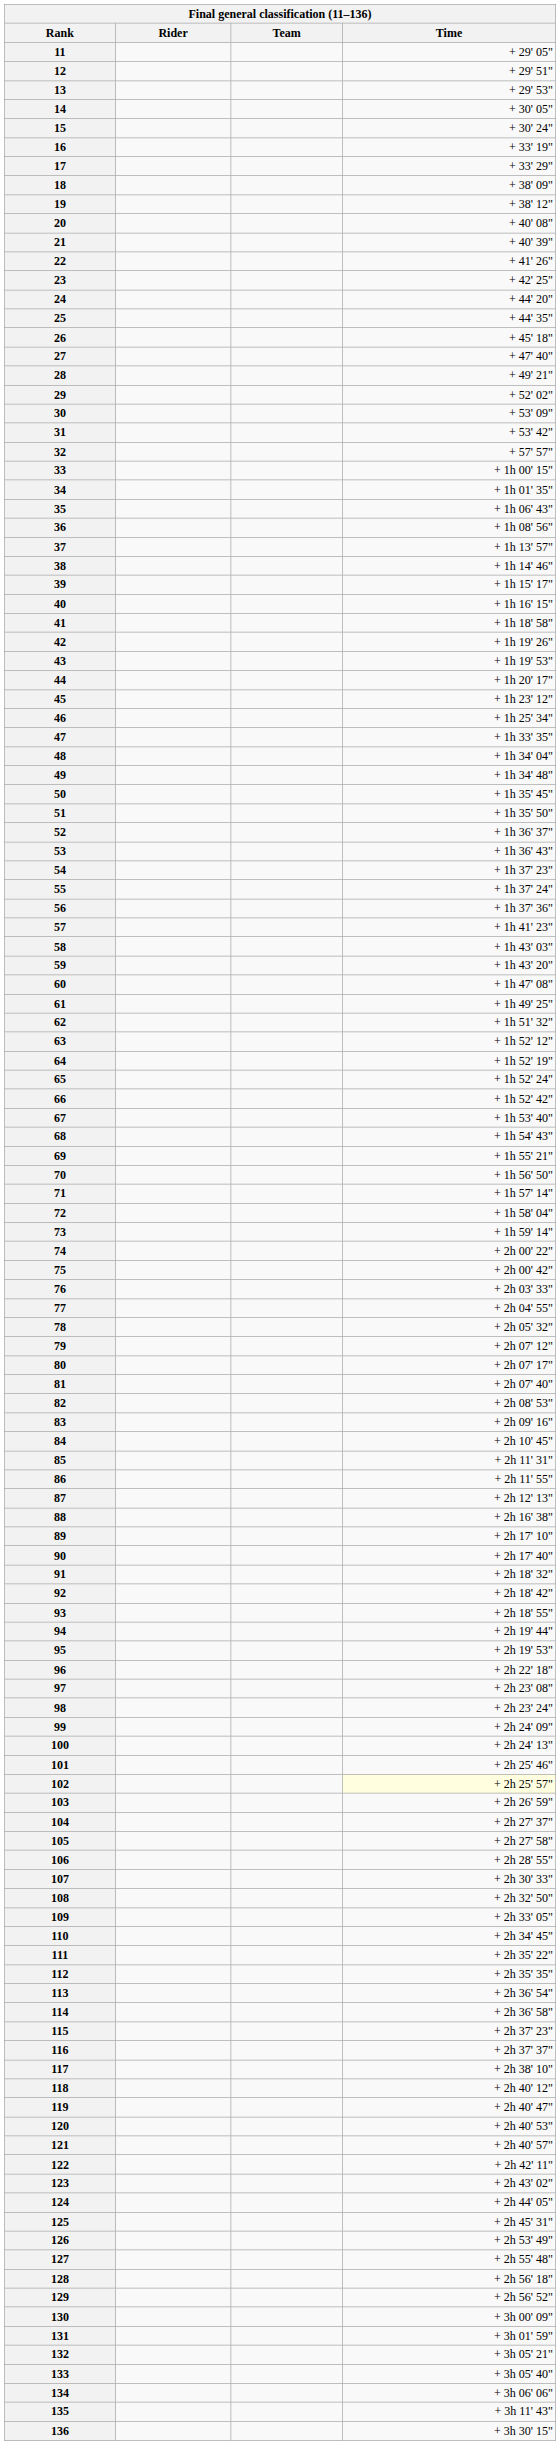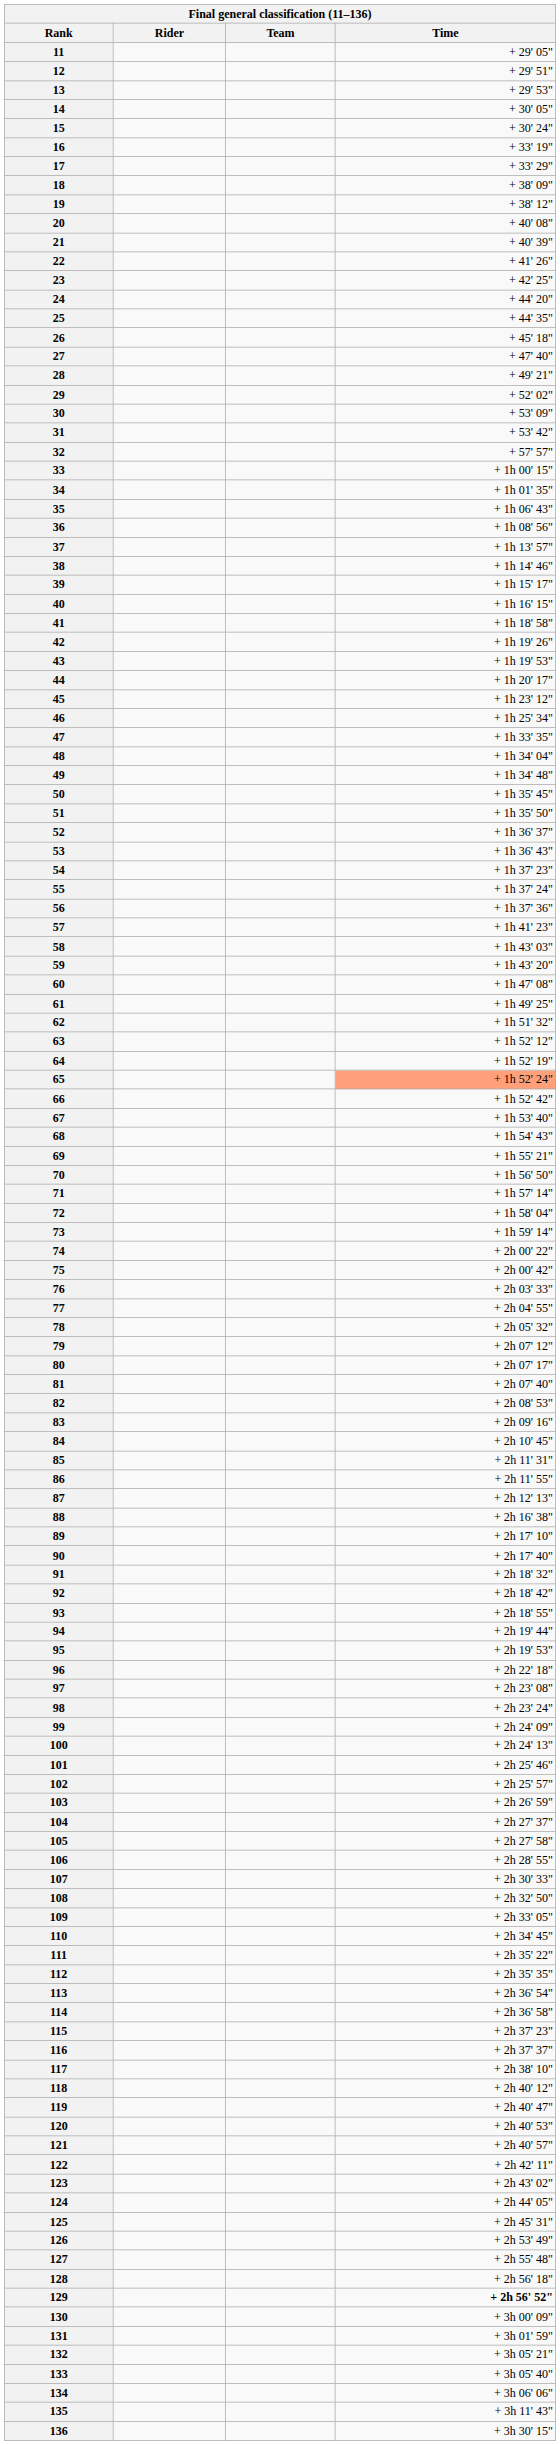 <table class="collapsible collapsed wikitable" style="width:46em;margin-top:-1px;">
 <tr>
 <th scope="col" colspan="4">Final general classification (11–136)</th>
 </tr>
 <tr>
 <th scope="col">Rank</th>
 <th scope="col">Rider</th>
 <th scope="col">Team</th>
 <th scope="col">Time</th>
 </tr>
 <tr |->
 <th scope="row">11</th>
 <td></td>
 <td></td>
 <td style="text-align:right;">+ 29' 05"</td>
 </tr>
 <tr>
 <th scope="row">12</th>
 <td></td>
 <td></td>
 <td style="text-align:right;">+ 29' 51"</td>
 </tr>
 <tr>
 <th scope="row">13</th>
 <td></td>
 <td></td>
 <td style="text-align:right;">+ 29' 53"</td>
 </tr>
 <tr>
 <th scope="row">14</th>
 <td></td>
 <td></td>
 <td style="text-align:right;">+ 30' 05"</td>
 </tr>
 <tr>
 <th scope="row">15</th>
 <td></td>
 <td></td>
 <td style="text-align:right;">+ 30' 24"</td>
 </tr>
 <tr>
 <th scope="row">16</th>
 <td></td>
 <td></td>
 <td style="text-align:right;">+ 33' 19"</td>
 </tr>
 <tr>
 <th scope="row">17</th>
 <td></td>
 <td></td>
 <td style="text-align:right;">+ 33' 29"</td>
 </tr>
 <tr>
 <th scope="row">18</th>
 <td></td>
 <td></td>
 <td style="text-align:right;">+ 38' 09"</td>
 </tr>
 <tr>
 <th scope="row">19</th>
 <td></td>
 <td></td>
 <td style="text-align:right;">+ 38' 12"</td>
 </tr>
 <tr>
 <th scope="row">20</th>
 <td></td>
 <td></td>
 <td style="text-align:right;">+ 40' 08"</td>
 </tr>
 <tr>
 <th scope="row">21</th>
 <td></td>
 <td></td>
 <td style="text-align:right;">+ 40' 39"</td>
 </tr>
 <tr>
 <th scope="row">22</th>
 <td></td>
 <td></td>
 <td style="text-align:right;">+ 41' 26"</td>
 </tr>
 <tr>
 <th scope="row">23</th>
 <td></td>
 <td></td>
 <td style="text-align:right;">+ 42' 25"</td>
 </tr>
 <tr>
 <th scope="row">24</th>
 <td></td>
 <td></td>
 <td style="text-align:right;">+ 44' 20"</td>
 </tr>
 <tr>
 <th scope="row">25</th>
 <td></td>
 <td></td>
 <td style="text-align:right;">+ 44' 35"</td>
 </tr>
 <tr>
 <th scope="row">26</th>
 <td></td>
 <td></td>
 <td style="text-align:right;">+ 45' 18"</td>
 </tr>
 <tr>
 <th scope="row">27</th>
 <td></td>
 <td></td>
 <td style="text-align:right;">+ 47' 40"</td>
 </tr>
 <tr>
 <th scope="row">28</th>
 <td></td>
 <td></td>
 <td style="text-align:right;">+ 49' 21"</td>
 </tr>
 <tr>
 <th scope="row">29</th>
 <td></td>
 <td></td>
 <td style="text-align:right;">+ 52' 02"</td>
 </tr>
 <tr>
 <th scope="row">30</th>
 <td></td>
 <td></td>
 <td style="text-align:right;">+ 53' 09"</td>
 </tr>
 <tr>
 <th scope="row">31</th>
 <td></td>
 <td></td>
 <td style="text-align:right;">+ 53' 42"</td>
 </tr>
 <tr>
 <th scope="row">32</th>
 <td></td>
 <td></td>
 <td style="text-align:right;">+ 57' 57"</td>
 </tr>
 <tr>
 <th scope="row">33</th>
 <td></td>
 <td></td>
 <td style="text-align:right;">+ 1h 00' 15"</td>
 </tr>
 <tr>
 <th scope="row">34</th>
 <td></td>
 <td></td>
 <td style="text-align:right;">+ 1h 01' 35"</td>
 </tr>
 <tr>
 <th scope="row">35</th>
 <td></td>
 <td></td>
 <td style="text-align:right;">+ 1h 06' 43"</td>
 </tr>
 <tr>
 <th scope="row">36</th>
 <td></td>
 <td></td>
 <td style="text-align:right;">+ 1h 08' 56"</td>
 </tr>
 <tr>
 <th scope="row">37</th>
 <td></td>
 <td></td>
 <td style="text-align:right;">+ 1h 13' 57"</td>
 </tr>
 <tr>
 <th scope="row">38</th>
 <td></td>
 <td></td>
 <td style="text-align:right;">+ 1h 14' 46"</td>
 </tr>
 <tr>
 <th scope="row">39</th>
 <td></td>
 <td></td>
 <td style="text-align:right;">+ 1h 15' 17"</td>
 </tr>
 <tr>
 <th scope="row">40</th>
 <td></td>
 <td></td>
 <td style="text-align:right;">+ 1h 16' 15"</td>
 </tr>
 <tr>
 <th scope="row">41</th>
 <td></td>
 <td></td>
 <td style="text-align:right;">+ 1h 18' 58"</td>
 </tr>
 <tr>
 <th scope="row">42</th>
 <td></td>
 <td></td>
 <td style="text-align:right;">+ 1h 19' 26"</td>
 </tr>
 <tr>
 <th scope="row">43</th>
 <td></td>
 <td></td>
 <td style="text-align:right;">+ 1h 19' 53"</td>
 </tr>
 <tr>
 <th scope="row">44</th>
 <td></td>
 <td></td>
 <td style="text-align:right;">+ 1h 20' 17"</td>
 </tr>
 <tr>
 <th scope="row">45</th>
 <td></td>
 <td></td>
 <td style="text-align:right;">+ 1h 23' 12"</td>
 </tr>
 <tr>
 <th scope="row">46</th>
 <td></td>
 <td></td>
 <td style="text-align:right;">+ 1h 25' 34"</td>
 </tr>
 <tr>
 <th scope="row">47</th>
 <td></td>
 <td></td>
 <td style="text-align:right;">+ 1h 33' 35"</td>
 </tr>
 <tr>
 <th scope="row">48</th>
 <td></td>
 <td></td>
 <td style="text-align:right;">+ 1h 34' 04"</td>
 </tr>
 <tr>
 <th scope="row">49</th>
 <td></td>
 <td></td>
 <td style="text-align:right;">+ 1h 34' 48"</td>
 </tr>
 <tr>
 <th scope="row">50</th>
 <td></td>
 <td></td>
 <td style="text-align:right;">+ 1h 35' 45"</td>
 </tr>
 <tr>
 <th scope="row">51</th>
 <td></td>
 <td></td>
 <td style="text-align:right;">+ 1h 35' 50"</td>
 </tr>
 <tr>
 <th scope="row">52</th>
 <td></td>
 <td></td>
 <td style="text-align:right;">+ 1h 36' 37"</td>
 </tr>
 <tr>
 <th scope="row">53</th>
 <td></td>
 <td></td>
 <td style="text-align:right;">+ 1h 36' 43"</td>
 </tr>
 <tr>
 <th scope="row">54</th>
 <td></td>
 <td></td>
 <td style="text-align:right;">+ 1h 37' 23"</td>
 </tr>
 <tr>
 <th scope="row">55</th>
 <td></td>
 <td></td>
 <td style="text-align:right;">+ 1h 37' 24"</td>
 </tr>
 <tr>
 <th scope="row">56</th>
 <td></td>
 <td></td>
 <td style="text-align:right;">+ 1h 37' 36"</td>
 </tr>
 <tr>
 <th scope="row">57</th>
 <td></td>
 <td></td>
 <td style="text-align:right;">+ 1h 41' 23"</td>
 </tr>
 <tr>
 <th scope="row">58</th>
 <td></td>
 <td></td>
 <td style="text-align:right;">+ 1h 43' 03"</td>
 </tr>
 <tr>
 <th scope="row">59</th>
 <td></td>
 <td></td>
 <td style="text-align:right;">+ 1h 43' 20"</td>
 </tr>
 <tr>
 <th scope="row">60</th>
 <td></td>
 <td></td>
 <td style="text-align:right;">+ 1h 47' 08"</td>
 </tr>
 <tr>
 <th scope="row">61</th>
 <td></td>
 <td></td>
 <td style="text-align:right;">+ 1h 49' 25"</td>
 </tr>
 <tr>
 <th scope="row">62</th>
 <td></td>
 <td></td>
 <td style="text-align:right;">+ 1h 51' 32"</td>
 </tr>
 <tr>
 <th scope="row">63</th>
 <td></td>
 <td></td>
 <td style="text-align:right;">+ 1h 52' 12"</td>
 </tr>
 <tr>
 <th scope="row">64</th>
 <td></td>
 <td></td>
 <td style="text-align:right;">+ 1h 52' 19"</td>
 </tr>
 <tr>
 <th scope="row">65</th>
 <td></td>
 <td></td>
-<td style="text-align:right;">+ 1h 52' 24"</td>
+<td style="background: lightsalmon; text-align:right;">+ 1h 52' 24"</td>
 </tr>
 <tr>
 <th scope="row">66</th>
 <td></td>
 <td></td>
 <td style="text-align:right;">+ 1h 52' 42"</td>
 </tr>
 <tr>
 <th scope="row">67</th>
 <td></td>
 <td></td>
 <td style="text-align:right;">+ 1h 53' 40"</td>
 </tr>
 <tr>
 <th scope="row">68</th>
 <td></td>
 <td></td>
 <td style="text-align:right;">+ 1h 54' 43"</td>
 </tr>
 <tr>
 <th scope="row">69</th>
 <td></td>
 <td></td>
 <td style="text-align:right;">+ 1h 55' 21"</td>
 </tr>
 <tr>
 <th scope="row">70</th>
 <td></td>
 <td></td>
 <td style="text-align:right;">+ 1h 56' 50"</td>
 </tr>
 <tr>
 <th scope="row">71</th>
 <td></td>
 <td></td>
 <td style="text-align:right;">+ 1h 57' 14"</td>
 </tr>
 <tr>
 <th scope="row">72</th>
 <td></td>
 <td></td>
 <td style="text-align:right;">+ 1h 58' 04"</td>
 </tr>
 <tr>
 <th scope="row">73</th>
 <td></td>
 <td></td>
 <td style="text-align:right;">+ 1h 59' 14"</td>
 </tr>
 <tr>
 <th scope="row">74</th>
 <td></td>
 <td></td>
 <td style="text-align:right;">+ 2h 00' 22"</td>
 </tr>
 <tr>
 <th scope="row">75</th>
 <td></td>
 <td></td>
 <td style="text-align:right;">+ 2h 00' 42"</td>
 </tr>
 <tr>
 <th scope="row">76</th>
 <td> </td>
 <td></td>
 <td style="text-align:right;">+ 2h 03' 33"</td>
 </tr>
 <tr>
 <th scope="row">77</th>
 <td></td>
 <td></td>
 <td style="text-align:right;">+ 2h 04' 55"</td>
 </tr>
 <tr>
 <th scope="row">78</th>
 <td></td>
 <td></td>
 <td style="text-align:right;">+ 2h 05' 32"</td>
 </tr>
 <tr>
 <th scope="row">79</th>
 <td></td>
 <td></td>
 <td style="text-align:right;">+ 2h 07' 12"</td>
 </tr>
 <tr>
 <th scope="row">80</th>
 <td></td>
 <td></td>
 <td style="text-align:right;">+ 2h 07' 17"</td>
 </tr>
 <tr>
 <th scope="row">81</th>
 <td></td>
 <td></td>
 <td style="text-align:right;">+ 2h 07' 40"</td>
 </tr>
 <tr>
 <th scope="row">82</th>
 <td></td>
 <td></td>
 <td style="text-align:right;">+ 2h 08' 53"</td>
 </tr>
 <tr>
 <th scope="row">83</th>
 <td></td>
 <td></td>
 <td style="text-align:right;">+ 2h 09' 16"</td>
 </tr>
 <tr>
 <th scope="row">84</th>
 <td></td>
 <td></td>
 <td style="text-align:right;">+ 2h 10' 45"</td>
 </tr>
 <tr>
 <th scope="row">85</th>
 <td></td>
 <td></td>
 <td style="text-align:right;">+ 2h 11' 31"</td>
 </tr>
 <tr>
 <th scope="row">86</th>
 <td></td>
 <td></td>
 <td style="text-align:right;">+ 2h 11' 55"</td>
 </tr>
 <tr>
 <th scope="row">87</th>
 <td></td>
 <td></td>
 <td style="text-align:right;">+ 2h 12' 13"</td>
 </tr>
 <tr>
 <th scope="row">88</th>
 <td></td>
 <td></td>
 <td style="text-align:right;">+ 2h 16' 38"</td>
 </tr>
 <tr>
 <th scope="row">89</th>
 <td></td>
 <td></td>
 <td style="text-align:right;">+ 2h 17' 10"</td>
 </tr>
 <tr>
 <th scope="row">90</th>
 <td></td>
 <td></td>
 <td style="text-align:right;">+ 2h 17' 40"</td>
 </tr>
 <tr>
 <th scope="row">91</th>
 <td></td>
 <td></td>
 <td style="text-align:right;">+ 2h 18' 32"</td>
 </tr>
 <tr>
 <th scope="row">92</th>
 <td></td>
 <td></td>
 <td style="text-align:right;">+ 2h 18' 42"</td>
 </tr>
 <tr>
 <th scope="row">93</th>
 <td></td>
 <td></td>
 <td style="text-align:right;">+ 2h 18' 55"</td>
 </tr>
 <tr>
 <th scope="row">94</th>
 <td></td>
 <td></td>
 <td style="text-align:right;">+ 2h 19' 44"</td>
 </tr>
 <tr>
 <th scope="row">95</th>
 <td></td>
 <td></td>
 <td style="text-align:right;">+ 2h 19' 53"</td>
 </tr>
 <tr>
 <th scope="row">96</th>
 <td></td>
 <td></td>
 <td style="text-align:right;">+ 2h 22' 18"</td>
 </tr>
 <tr>
 <th scope="row">97</th>
 <td></td>
 <td></td>
 <td style="text-align:right;">+ 2h 23' 08"</td>
 </tr>
 <tr>
 <th scope="row">98</th>
 <td></td>
 <td></td>
 <td style="text-align:right;">+ 2h 23' 24"</td>
 </tr>
 <tr>
 <th scope="row">99</th>
 <td></td>
 <td></td>
 <td style="text-align:right;">+ 2h 24' 09"</td>
 </tr>
 <tr>
 <th scope="row">100</th>
 <td></td>
 <td></td>
 <td style="text-align:right;">+ 2h 24' 13"</td>
 </tr>
 <tr>
 <th scope="row">101</th>
 <td></td>
 <td></td>
 <td style="text-align:right;">+ 2h 25' 46"</td>
 </tr>
 <tr>
 <th scope="row">102</th>
 <td></td>
 <td></td>
-<td style="background: lightyellow; text-align:right;">+ 2h 25' 57"</td>
+<td style="text-align:right;">+ 2h 25' 57"</td>
 </tr>
 <tr>
 <th scope="row">103</th>
 <td></td>
 <td></td>
 <td style="text-align:right;">+ 2h 26' 59"</td>
 </tr>
 <tr>
 <th scope="row">104</th>
 <td></td>
 <td></td>
 <td style="text-align:right;">+ 2h 27' 37"</td>
 </tr>
 <tr>
 <th scope="row">105</th>
 <td></td>
 <td></td>
 <td style="text-align:right;">+ 2h 27' 58"</td>
 </tr>
 <tr>
 <th scope="row">106</th>
 <td></td>
 <td></td>
 <td style="text-align:right;">+ 2h 28' 55"</td>
 </tr>
 <tr>
 <th scope="row">107</th>
 <td></td>
 <td></td>
 <td style="text-align:right;">+ 2h 30' 33"</td>
 </tr>
 <tr>
 <th scope="row">108</th>
 <td></td>
 <td></td>
 <td style="text-align:right;">+ 2h 32' 50"</td>
 </tr>
 <tr>
 <th scope="row">109</th>
 <td></td>
 <td></td>
 <td style="text-align:right;">+ 2h 33' 05"</td>
 </tr>
 <tr>
 <th scope="row">110</th>
 <td></td>
 <td></td>
 <td style="text-align:right;">+ 2h 34' 45"</td>
 </tr>
 <tr>
 <th scope="row">111</th>
 <td></td>
 <td></td>
 <td style="text-align:right;">+ 2h 35' 22"</td>
 </tr>
 <tr>
 <th scope="row">112</th>
 <td></td>
 <td></td>
 <td style="text-align:right;">+ 2h 35' 35"</td>
 </tr>
 <tr>
 <th scope="row">113</th>
 <td></td>
 <td></td>
 <td style="text-align:right;">+ 2h 36' 54"</td>
 </tr>
 <tr>
 <th scope="row">114</th>
 <td></td>
 <td></td>
 <td style="text-align:right;">+ 2h 36' 58"</td>
 </tr>
 <tr>
 <th scope="row">115</th>
 <td></td>
 <td></td>
 <td style="text-align:right;">+ 2h 37' 23"</td>
 </tr>
 <tr>
 <th scope="row">116</th>
 <td></td>
 <td></td>
 <td style="text-align:right;">+ 2h 37' 37"</td>
 </tr>
 <tr>
 <th scope="row">117</th>
 <td></td>
 <td></td>
 <td style="text-align:right;">+ 2h 38' 10"</td>
 </tr>
 <tr>
 <th scope="row">118</th>
 <td></td>
 <td></td>
 <td style="text-align:right;">+ 2h 40' 12"</td>
 </tr>
 <tr>
 <th scope="row">119</th>
 <td></td>
 <td></td>
 <td style="text-align:right;">+ 2h 40' 47"</td>
 </tr>
 <tr>
 <th scope="row">120</th>
 <td></td>
 <td></td>
 <td style="text-align:right;">+ 2h 40' 53"</td>
 </tr>
 <tr>
 <th scope="row">121</th>
 <td></td>
 <td></td>
 <td style="text-align:right;">+ 2h 40' 57"</td>
 </tr>
 <tr>
 <th scope="row">122</th>
 <td></td>
 <td></td>
 <td style="text-align:right;">+ 2h 42' 11"</td>
 </tr>
 <tr>
 <th scope="row">123</th>
 <td></td>
 <td></td>
 <td style="text-align:right;">+ 2h 43' 02"</td>
 </tr>
 <tr>
 <th scope="row">124</th>
 <td></td>
 <td></td>
 <td style="text-align:right;">+ 2h 44' 05"</td>
 </tr>
 <tr>
 <th scope="row">125</th>
 <td></td>
 <td></td>
 <td style="text-align:right;">+ 2h 45' 31"</td>
 </tr>
 <tr>
 <th scope="row">126</th>
 <td></td>
 <td></td>
 <td style="text-align:right;">+ 2h 53' 49"</td>
 </tr>
 <tr>
 <th scope="row">127</th>
 <td></td>
 <td></td>
 <td style="text-align:right;">+ 2h 55' 48"</td>
 </tr>
 <tr>
 <th scope="row">128</th>
 <td></td>
 <td></td>
 <td style="text-align:right;">+ 2h 56' 18"</td>
 </tr>
 <tr>
 <th scope="row">129</th>
 <td></td>
 <td></td>
-<td style="text-align:right;">+ 2h 56' 52"</td>
+<td style="text-align:right;"><strong>+ 2h 56' 52"</strong></td>
 </tr>
 <tr>
 <th scope="row">130</th>
 <td></td>
 <td></td>
 <td style="text-align:right;">+ 3h 00' 09"</td>
 </tr>
 <tr>
 <th scope="row">131</th>
 <td></td>
 <td></td>
 <td style="text-align:right;">+ 3h 01' 59"</td>
 </tr>
 <tr>
 <th scope="row">132</th>
 <td></td>
 <td></td>
 <td style="text-align:right;">+ 3h 05' 21"</td>
 </tr>
 <tr>
 <th scope="row">133</th>
 <td></td>
 <td></td>
 <td style="text-align:right;">+ 3h 05' 40"</td>
 </tr>
 <tr>
 <th scope="row">134</th>
 <td></td>
 <td></td>
 <td style="text-align:right;">+ 3h 06' 06"</td>
 </tr>
 <tr>
 <th scope="row">135</th>
 <td></td>
 <td></td>
 <td style="text-align:right;">+ 3h 11' 43"</td>
 </tr>
 <tr>
 <th scope="row">136</th>
 <td></td>
 <td></td>
 <td style="text-align:right;">+ 3h 30' 15"</td>
 </tr>
 </table>
